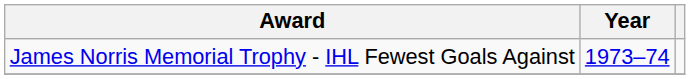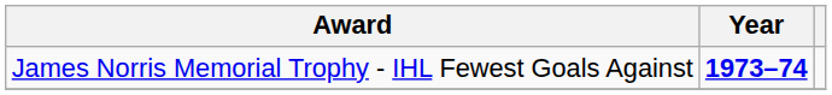 <table class="wikitable">
 <tr>
 <th>Award</th>
 <th>Year</th>
 <th></th>
 </tr>
 <tr>
 <td><a href='#'>James Norris Memorial Trophy</a> - <a href='#'>IHL</a> Fewest Goals Against</td>
-<td><a href='#'>1973–74</a></td>
+<td><strong><a href='#'>1973–74</a></strong></td>
 <td></td>
 </tr>
 <tr>
 </tr>
 </table>
